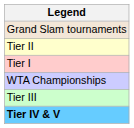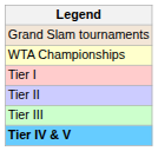 <table class="wikitable sortable mw-collapsible mw-collapsed">
 <tr>
 <th>Legend</th>
 </tr>
 <tr bgcolor="#f3e6d7">
 <td>Grand Slam tournaments</td>
 </tr>
 <tr bgcolor="#ffffcc">
-<td>Tier II</td>
+<td>WTA Championships</td>
 </tr>
 <tr bgcolor="#ffcccc">
 <td>Tier I</td>
 </tr>
 <tr bgcolor="#ccccff">
-<td>WTA Championships</td>
+<td>Tier II</td>
 </tr>
 <tr bgcolor="#CCFFCC">
 <td>Tier III</td>
 </tr>
 <tr bgcolor="#66CCFF">
 <td><strong>Tier IV & V</strong></td>
 </tr>
 </table>
